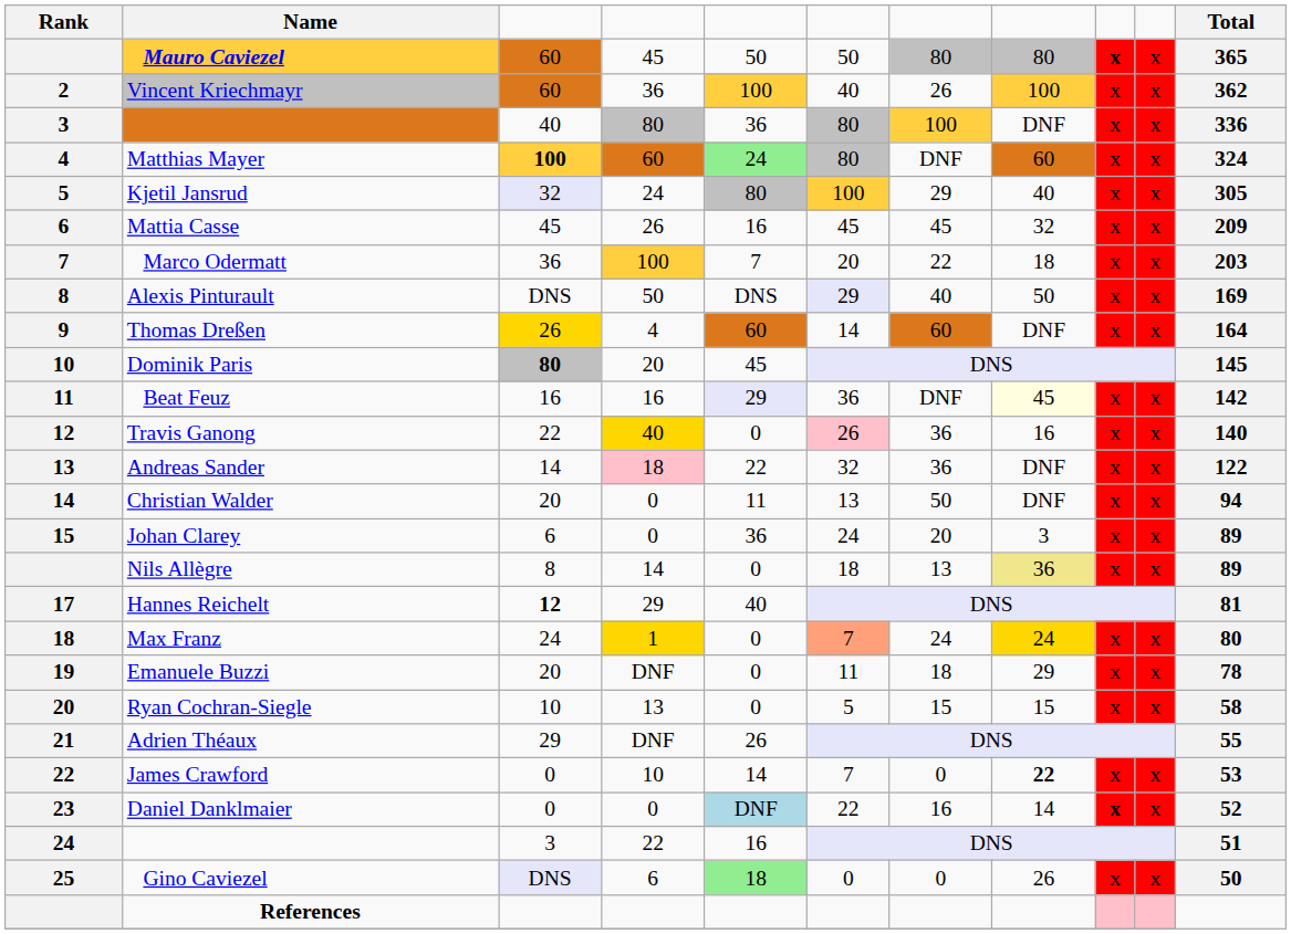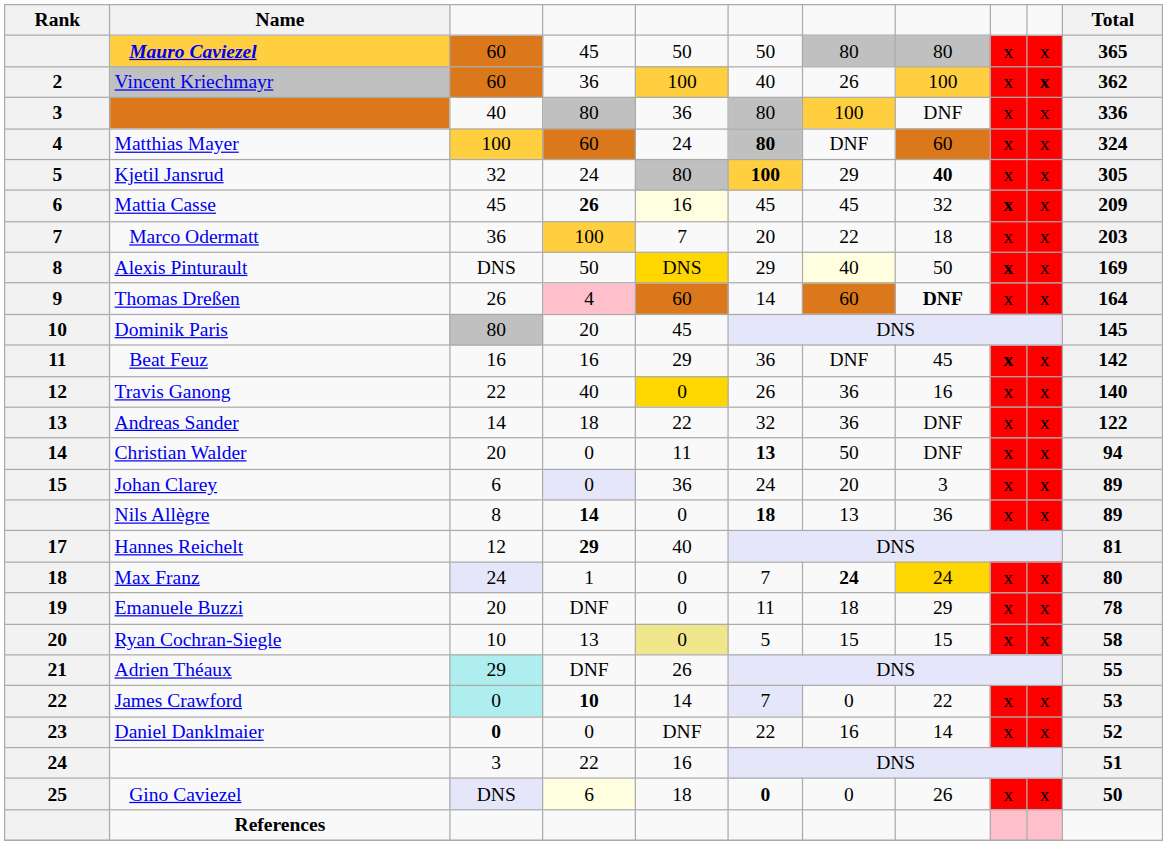 <table class="wikitable" width=60% style="font-size:100%; text-align:center;">
 <tr>
 <th>Rank</th>
 <th>Name</th>
 <td><br> </td>
 <td><br> </td>
 <td><br> </td>
 <td><br> </td>
 <td><br> </td>
 <td><br> </td>
 <td><br> </td>
 <td><br> </td>
 <th>Total</th>
 </tr>
 <tr>
 <th></th>
 <td align=left bgcolor=ffcf40>   <strong><em><a href='#'>Mauro Caviezel</a></em></strong></td>
 <td bgcolor=db781b>60</td>
 <td>45</td>
 <td>50</td>
 <td>50</td>
 <td bgcolor=c0c0c0>80</td>
 <td bgcolor=c0c0c0>80</td>
-<td bgcolor=red><strong>x</strong></td>
+<td bgcolor=red>x</td>
 <td bgcolor=red>x</td>
 <th>365</th>
 </tr>
 <tr>
 <th>2</th>
 <td align=left bgcolor=c0c0c0> <a href='#'>Vincent Kriechmayr</a></td>
 <td bgcolor=db781b>60</td>
 <td>36</td>
 <td bgcolor=ffcf40>100</td>
 <td>40</td>
 <td>26</td>
 <td bgcolor=ffcf40>100</td>
 <td bgcolor=red>x</td>
-<td bgcolor=red>x</td>
+<td bgcolor=red><strong>x</strong></td>
 <th>362</th>
 </tr>
 <tr>
 <th>3</th>
 <td align=left bgcolor=db781b></td>
 <td>40</td>
 <td bgcolor=c0c0c0>80</td>
 <td>36</td>
 <td bgcolor=c0c0c0>80</td>
 <td bgcolor=ffcf40>100</td>
 <td>DNF</td>
 <td bgcolor=red>x</td>
 <td bgcolor=red>x</td>
 <th>336</th>
 </tr>
 <tr>
 <th>4</th>
 <td align=left> <a href='#'>Matthias Mayer</a></td>
-<td bgcolor=ffcf40><strong>100</strong></td>
+<td bgcolor=ffcf40>100</td>
 <td bgcolor=db781b>60</td>
-<td style="background: lightgreen;">24</td>
-<td bgcolor=c0c0c0>80</td>
+<td>24</td>
+<td bgcolor=c0c0c0><strong>80</strong></td>
 <td>DNF</td>
 <td bgcolor=db781b>60</td>
 <td bgcolor=red>x</td>
 <td bgcolor=red>x</td>
 <th>324</th>
 </tr>
 <tr>
 <th>5</th>
 <td align=left> <a href='#'>Kjetil Jansrud</a></td>
-<td style="background: lavender;">32</td>
+<td>32</td>
 <td>24</td>
 <td bgcolor=c0c0c0>80</td>
-<td bgcolor=ffcf40>100</td>
+<td bgcolor=ffcf40><strong>100</strong></td>
 <td>29</td>
-<td>40</td>
+<td><strong>40</strong></td>
 <td bgcolor=red>x</td>
 <td bgcolor=red>x</td>
 <th>305</th>
 </tr>
 <tr>
 <th>6</th>
 <td align=left> <a href='#'>Mattia Casse</a></td>
 <td>45</td>
-<td>26</td>
-<td>16</td>
+<td><strong>26</strong></td>
+<td style="background: lightyellow;">16</td>
 <td>45</td>
 <td>45</td>
 <td>32</td>
-<td bgcolor=red>x</td>
+<td bgcolor=red><strong>x</strong></td>
 <td bgcolor=red>x</td>
 <th>209</th>
 </tr>
 <tr>
 <th>7</th>
 <td align=left>   <a href='#'>Marco Odermatt</a></td>
 <td>36</td>
 <td bgcolor=ffcf40>100</td>
 <td>7</td>
 <td>20</td>
 <td>22</td>
 <td>18</td>
 <td bgcolor=red>x</td>
 <td bgcolor=red>x</td>
 <th>203</th>
 </tr>
 <tr>
 <th>8</th>
 <td align=left> <a href='#'>Alexis Pinturault</a></td>
 <td>DNS</td>
 <td>50</td>
-<td>DNS</td>
-<td style="background: lavender;">29</td>
-<td>40</td>
+<td style="background: gold;">DNS</td>
+<td>29</td>
+<td style="background: lightyellow;">40</td>
 <td>50</td>
-<td bgcolor=red>x</td>
+<td bgcolor=red><strong>x</strong></td>
 <td bgcolor=red>x</td>
 <th>169</th>
 </tr>
 <tr>
 <th>9</th>
 <td align=left> <a href='#'>Thomas Dreßen</a></td>
-<td style="background: gold;">26</td>
-<td>4</td>
+<td>26</td>
+<td style="background: pink;">4</td>
 <td bgcolor=db781b>60</td>
 <td>14</td>
 <td bgcolor=db781b>60</td>
-<td>DNF</td>
+<td><strong>DNF</strong></td>
 <td bgcolor=red>x</td>
 <td bgcolor=red>x</td>
 <th>164</th>
 </tr>
 <tr>
 <th>10</th>
 <td align=left> <a href='#'>Dominik Paris</a></td>
-<td bgcolor=c0c0c0><strong>80</strong></td>
+<td bgcolor=c0c0c0>80</td>
 <td>20</td>
 <td>45</td>
 <td bgcolor=lavender colspan=5>DNS</td>
 <th>145</th>
 </tr>
 <tr>
 <th>11</th>
 <td align=left>   <a href='#'>Beat Feuz</a></td>
 <td>16</td>
 <td>16</td>
-<td style="background: lavender;">29</td>
+<td>29</td>
 <td>36</td>
 <td>DNF</td>
-<td style="background: lightyellow;">45</td>
-<td bgcolor=red>x</td>
+<td>45</td>
+<td bgcolor=red><strong>x</strong></td>
 <td bgcolor=red>x</td>
 <th>142</th>
 </tr>
 <tr>
 <th>12</th>
 <td align=left> <a href='#'>Travis Ganong</a></td>
 <td>22</td>
-<td style="background: gold;">40</td>
-<td>0</td>
-<td style="background: pink;">26</td>
+<td>40</td>
+<td style="background: gold;">0</td>
+<td>26</td>
 <td>36</td>
 <td>16</td>
 <td bgcolor=red>x</td>
 <td bgcolor=red>x</td>
 <th>140</th>
 </tr>
 <tr>
 <th>13</th>
 <td align=left> <a href='#'>Andreas Sander</a></td>
 <td>14</td>
-<td style="background: pink;">18</td>
+<td>18</td>
 <td>22</td>
 <td>32</td>
 <td>36</td>
 <td>DNF</td>
 <td bgcolor=red>x</td>
 <td bgcolor=red>x</td>
 <th>122</th>
 </tr>
 <tr>
 <th>14</th>
 <td align=left> <a href='#'>Christian Walder</a></td>
 <td>20</td>
 <td>0</td>
 <td>11</td>
-<td>13</td>
+<td><strong>13</strong></td>
 <td>50</td>
 <td>DNF</td>
 <td bgcolor=red>x</td>
 <td bgcolor=red>x</td>
 <th>94</th>
 </tr>
 <tr>
 <th>15</th>
 <td align=left> <a href='#'>Johan Clarey</a></td>
 <td>6</td>
-<td>0</td>
+<td style="background: lavender;">0</td>
 <td>36</td>
 <td>24</td>
 <td>20</td>
 <td>3</td>
 <td bgcolor=red>x</td>
 <td bgcolor=red>x</td>
 <th>89</th>
 </tr>
 <tr>
 <th></th>
 <td align=left> <a href='#'>Nils Allègre</a></td>
 <td>8</td>
-<td>14</td>
+<td><strong>14</strong></td>
 <td>0</td>
-<td>18</td>
+<td><strong>18</strong></td>
 <td>13</td>
-<td style="background: khaki;">36</td>
+<td>36</td>
 <td bgcolor=red>x</td>
 <td bgcolor=red>x</td>
 <th>89</th>
 </tr>
 <tr>
 <th>17</th>
 <td align=left> <a href='#'>Hannes Reichelt</a></td>
-<td><strong>12</strong></td>
-<td>29</td>
+<td>12</td>
+<td><strong>29</strong></td>
 <td>40</td>
 <td bgcolor=lavender colspan=5>DNS</td>
 <th>81</th>
 </tr>
 <tr>
 <th>18</th>
 <td align=left> <a href='#'>Max Franz</a></td>
-<td>24</td>
-<td style="background: gold;">1</td>
+<td style="background: lavender;">24</td>
+<td>1</td>
 <td>0</td>
-<td style="background: lightsalmon;">7</td>
-<td>24</td>
+<td>7</td>
+<td><strong>24</strong></td>
 <td style="background: gold;">24</td>
 <td bgcolor=red>x</td>
 <td bgcolor=red>x</td>
 <th>80</th>
 </tr>
 <tr>
 <th>19</th>
 <td align=left> <a href='#'>Emanuele Buzzi</a></td>
 <td>20</td>
 <td>DNF</td>
 <td>0</td>
 <td>11</td>
 <td>18</td>
 <td>29</td>
 <td bgcolor=red>x</td>
 <td bgcolor=red>x</td>
 <th>78</th>
 </tr>
 <tr>
 <th>20</th>
 <td align=left> <a href='#'>Ryan Cochran-Siegle</a></td>
 <td>10</td>
 <td>13</td>
-<td>0</td>
+<td style="background: khaki;">0</td>
 <td>5</td>
 <td>15</td>
 <td>15</td>
 <td bgcolor=red>x</td>
 <td bgcolor=red>x</td>
 <th>58</th>
 </tr>
 <tr>
 <th>21</th>
 <td align=left> <a href='#'>Adrien Théaux</a></td>
-<td>29</td>
+<td style="background: paleturquoise;">29</td>
 <td>DNF</td>
 <td>26</td>
 <td colspan=5 bgcolor=lavender>DNS</td>
 <th>55</th>
 </tr>
 <tr>
 <th>22</th>
 <td align=left> <a href='#'>James Crawford</a></td>
+<td style="background: paleturquoise;">0</td>
+<td><strong>10</strong></td>
+<td>14</td>
+<td style="background: lavender;">7</td>
 <td>0</td>
-<td>10</td>
-<td>14</td>
-<td>7</td>
-<td>0</td>
-<td><strong>22</strong></td>
+<td>22</td>
 <td bgcolor=red>x</td>
 <td bgcolor=red>x</td>
 <th>53</th>
 </tr>
 <tr>
 <th>23</th>
 <td align=left> <a href='#'>Daniel Danklmaier</a></td>
+<td><strong>0</strong></td>
 <td>0</td>
-<td>0</td>
-<td style="background: lightblue;">DNF</td>
+<td>DNF</td>
 <td>22</td>
 <td>16</td>
 <td>14</td>
-<td bgcolor=red><strong>x</strong></td>
+<td bgcolor=red>x</td>
 <td bgcolor=red>x</td>
 <th>52</th>
 </tr>
 <tr>
 <th>24</th>
 <td align=left></td>
 <td>3</td>
 <td>22</td>
 <td>16</td>
 <td colspan=5 bgcolor=lavender>DNS</td>
 <th>51</th>
 </tr>
 <tr>
 <th>25</th>
 <td align=left>   <a href='#'>Gino Caviezel</a></td>
 <td bgcolor=lavender>DNS</td>
-<td>6</td>
-<td style="background: lightgreen;">18</td>
-<td>0</td>
+<td style="background: lightyellow;">6</td>
+<td>18</td>
+<td><strong>0</strong></td>
 <td>0</td>
 <td>26</td>
 <td bgcolor=red>x</td>
 <td bgcolor=red>x</td>
 <th>50</th>
 </tr>
 <tr>
 <th></th>
 <td align=center><strong>References</strong></td>
 <td></td>
 <td></td>
 <td></td>
 <td></td>
 <td></td>
 <td></td>
 <td bgcolor=pink></td>
 <td bgcolor=pink></td>
 </tr>
 <tr>
 </tr>
 </table>
